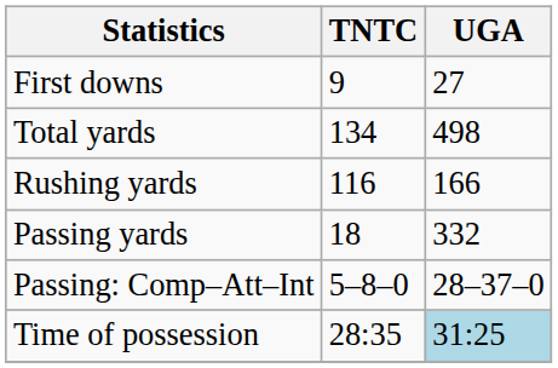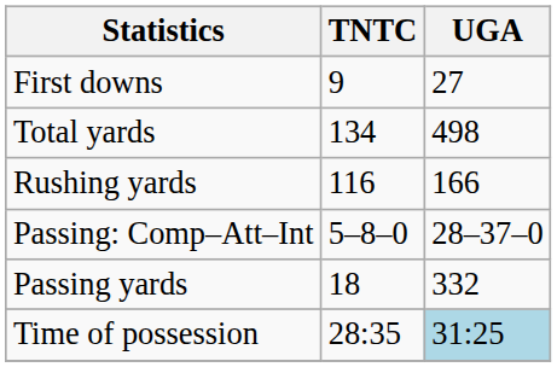 <table class="wikitable" style="float: left;">
 <tr>
 <th>Statistics</th>
 <th>TNTC</th>
 <th>UGA</th>
 </tr>
 <tr>
 <td>First downs</td>
 <td>9</td>
 <td>27</td>
 </tr>
 <tr>
 <td>Total yards</td>
 <td>134</td>
 <td>498</td>
 </tr>
 <tr>
 <td>Rushing yards</td>
 <td>116</td>
 <td>166</td>
 </tr>
 <tr>
+<td>Passing: Comp–Att–Int</td>
+<td>5–8–0</td>
+<td>28–37–0</td>
+</tr>
+<tr>
 <td>Passing yards</td>
 <td>18</td>
 <td>332</td>
-</tr>
-<tr>
-<td>Passing: Comp–Att–Int</td>
-<td>5–8–0</td>
-<td>28–37–0</td>
 </tr>
 <tr>
 <td>Time of possession</td>
 <td>28:35</td>
 <td style="background: lightblue;">31:25</td>
 </tr>
 <tr>
 </tr>
 </table>
